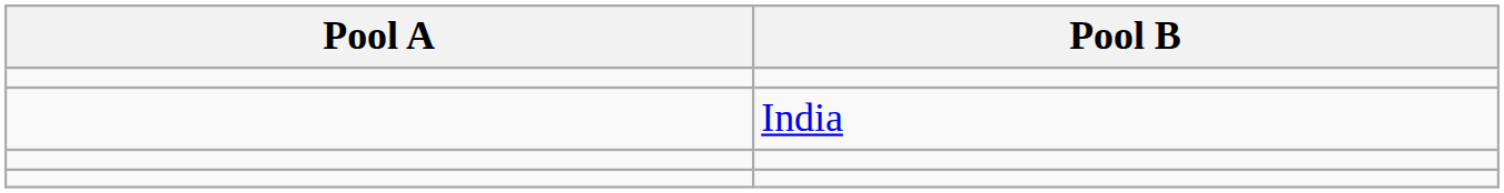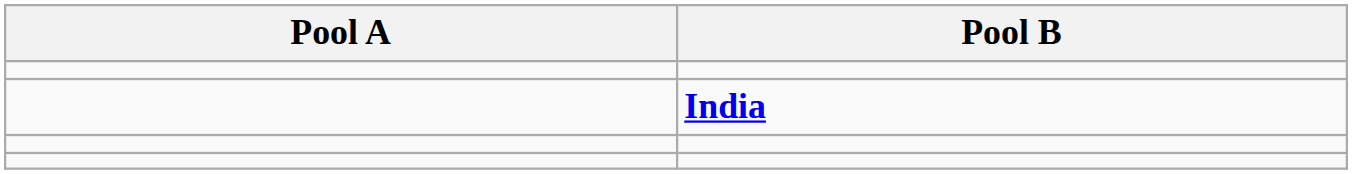 <table class="wikitable" width=600>
 <tr>
 <th width=50%>Pool A</th>
 <th width=50%>Pool B</th>
 </tr>
 <tr>
 <td></td>
 <td></td>
 </tr>
 <tr>
 <td></td>
-<td> <a href='#'>India</a></td>
+<td><strong> <a href='#'>India</a></strong></td>
 </tr>
 <tr>
 <td></td>
 <td></td>
 </tr>
 <tr>
 <td><s></s></td>
 <td></td>
 </tr>
 </table>
